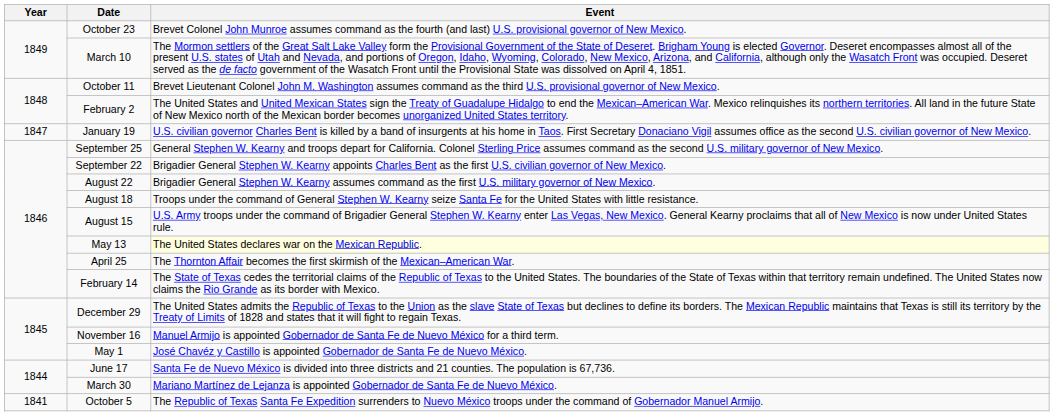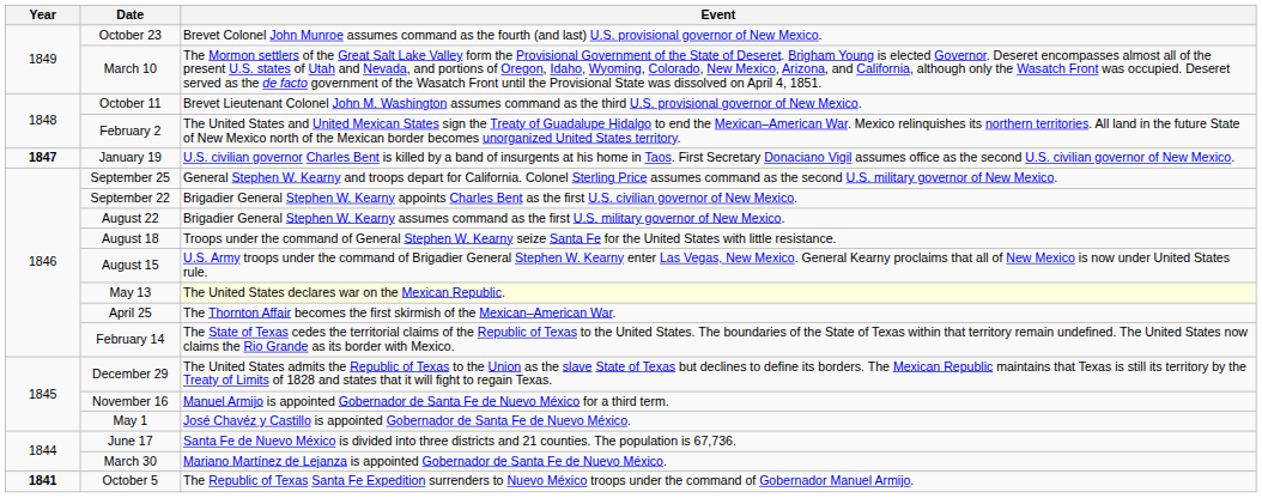 <table class="wikitable" style="width:100%;">
 <tr>
 <th style="width:6%">Year</th>
 <th style="width:8%">Date</th>
 <th style="width:86%">Event</th>
 </tr>
 <tr>
 <td align=center rowspan=2>1849</td>
 <td align=center>October 23</td>
 <td>Brevet Colonel <a href='#'>John Munroe</a> assumes command as the fourth (and last) <a href='#'>U.S. provisional governor of New Mexico</a>.</td>
 </tr>
 <tr>
 <td align=center>March 10</td>
 <td>The <a href='#'>Mormon settlers</a> of the <a href='#'>Great Salt Lake Valley</a> form the <a href='#'>Provisional Government of the State of Deseret</a>. <a href='#'>Brigham Young</a> is elected <a href='#'>Governor</a>. Deseret encompasses almost all of the present <a href='#'>U.S. states</a> of <a href='#'>Utah</a> and <a href='#'>Nevada</a>, and portions of <a href='#'>Oregon</a>, <a href='#'>Idaho</a>, <a href='#'>Wyoming</a>, <a href='#'>Colorado</a>, <a href='#'>New Mexico</a>, <a href='#'>Arizona</a>, and <a href='#'>California</a>, although only the <a href='#'>Wasatch Front</a> was occupied. Deseret served as the <em><a href='#'>de facto</a></em> government of the Wasatch Front until the Provisional State was dissolved on April 4, 1851.</td>
 </tr>
 <tr>
 <td align=center rowspan=2>1848</td>
 <td align=center>October 11</td>
 <td>Brevet Lieutenant Colonel <a href='#'>John M. Washington</a> assumes command as the third <a href='#'>U.S. provisional governor of New Mexico</a>.</td>
 </tr>
 <tr>
 <td align=center>February 2</td>
 <td>The United States and <a href='#'>United Mexican States</a> sign the <a href='#'>Treaty of Guadalupe Hidalgo</a> to end the <a href='#'>Mexican–American War</a>.  Mexico relinquishes its <a href='#'>northern territories</a>.  All land in the future State of New Mexico north of the Mexican border becomes <a href='#'>unorganized United States territory</a>.</td>
 </tr>
 <tr>
-<td align=center rowspan=1>1847</td>
+<td align=center rowspan=1><strong>1847</strong></td>
 <td align=center>January 19</td>
 <td><a href='#'>U.S. civilian governor</a> <a href='#'>Charles Bent</a> is killed by a band of insurgents at his home in <a href='#'>Taos</a>. First Secretary <a href='#'>Donaciano Vigil</a> assumes office as the second <a href='#'>U.S. civilian governor of New Mexico</a>.</td>
 </tr>
 <tr>
 <td align=center rowspan=8>1846</td>
 <td align=center>September 25</td>
 <td>General <a href='#'>Stephen W. Kearny</a> and troops depart for California.  Colonel <a href='#'>Sterling Price</a> assumes command as the second <a href='#'>U.S. military governor of New Mexico</a>.</td>
 </tr>
 <tr>
 <td align=center>September 22</td>
 <td>Brigadier General <a href='#'>Stephen W. Kearny</a> appoints <a href='#'>Charles Bent</a> as the first <a href='#'>U.S. civilian governor of New Mexico</a>.</td>
 </tr>
 <tr>
 <td align=center>August 22</td>
 <td>Brigadier General <a href='#'>Stephen W. Kearny</a> assumes command as the first <a href='#'>U.S. military governor of New Mexico</a>.</td>
 </tr>
 <tr>
 <td align=center>August 18</td>
 <td>Troops under the command of General <a href='#'>Stephen W. Kearny</a> seize <a href='#'>Santa Fe</a> for the United States with little resistance.</td>
 </tr>
 <tr>
 <td align=center>August 15</td>
 <td><a href='#'>U.S. Army</a> troops under the command of Brigadier General <a href='#'>Stephen W. Kearny</a> enter <a href='#'>Las Vegas, New Mexico</a>.  General Kearny proclaims that all of <a href='#'>New Mexico</a> is now under United States rule.</td>
 </tr>
 <tr>
 <td align=center>May 13</td>
 <td style="background: lightyellow;">The United States declares war on the <a href='#'>Mexican Republic</a>.</td>
 </tr>
 <tr>
 <td align=center>April 25</td>
 <td>The <a href='#'>Thornton Affair</a> becomes the first skirmish of the <a href='#'>Mexican–American War</a>.</td>
 </tr>
 <tr>
 <td align=center>February 14</td>
 <td>The <a href='#'>State of Texas</a> cedes the territorial claims of the <a href='#'>Republic of Texas</a> to the United States.  The boundaries of the State of Texas within that territory remain undefined.  The United States now claims the <a href='#'>Rio Grande</a> as its border with Mexico.</td>
 </tr>
 <tr>
 <td align=center rowspan=3>1845</td>
 <td align=center>December 29</td>
 <td>The United States admits the <a href='#'>Republic of Texas</a> to the <a href='#'>Union</a> as the <a href='#'>slave</a> <a href='#'>State of Texas</a> but declines to define its borders.  The <a href='#'>Mexican Republic</a> maintains that Texas is still its territory by the <a href='#'>Treaty of Limits</a> of 1828 and states that it will fight to regain Texas.</td>
 </tr>
 <tr>
 <td align=center>November 16</td>
 <td><a href='#'>Manuel Armijo</a> is appointed <a href='#'>Gobernador de Santa Fe de Nuevo México</a> for a third term.</td>
 </tr>
 <tr>
 <td align=center>May 1</td>
 <td><a href='#'>José Chavéz y Castillo</a> is appointed <a href='#'>Gobernador de Santa Fe de Nuevo México</a>.</td>
 </tr>
 <tr>
 <td align=center rowspan=2>1844</td>
 <td align=center>June 17</td>
 <td><a href='#'>Santa Fe de Nuevo México</a> is divided into three districts and 21 counties.  The population is 67,736.</td>
 </tr>
 <tr>
 <td align=center>March 30</td>
 <td><a href='#'>Mariano Martínez de Lejanza</a> is appointed <a href='#'>Gobernador de Santa Fe de Nuevo México</a>.</td>
 </tr>
 <tr>
-<td align=center rowspan=1>1841</td>
+<td align=center rowspan=1><strong>1841</strong></td>
 <td align=center>October 5</td>
 <td>The <a href='#'>Republic of Texas</a> <a href='#'>Santa Fe Expedition</a> surrenders to <a href='#'>Nuevo México</a> troops under the command of <a href='#'>Gobernador Manuel Armijo</a>.</td>
 </tr>
 </table>
